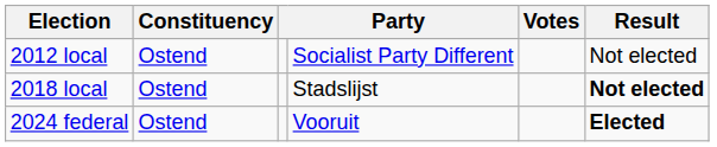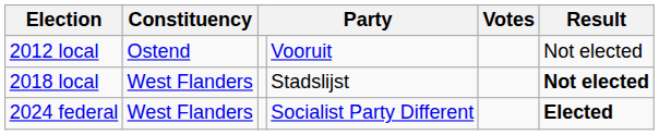 <table class="wikitable" style="text-align:left;">
 <tr>
 <th scope=col>Election</th>
 <th scope=col>Constituency</th>
 <th scope=col colspan="2">Party</th>
 <th scope=col>Votes</th>
 <th scope=col>Result</th>
 </tr>
 <tr>
 <td><a href='#'>2012 local</a></td>
 <td><a href='#'>Ostend</a></td>
 <td style="background:"></td>
-<td><a href='#'>Socialist Party Different</a></td>
+<td><a href='#'>Vooruit</a></td>
 <td align=right></td>
 <td>Not elected</td>
 </tr>
 <tr>
 <td><a href='#'>2018 local</a></td>
-<td><a href='#'>Ostend</a></td>
+<td><a href='#'>West Flanders</a></td>
 <td></td>
 <td>Stadslijst</td>
 <td align=right></td>
 <td><strong>Not elected</strong></td>
 </tr>
 <tr>
 <td><a href='#'>2024 federal</a></td>
-<td><a href='#'>Ostend</a></td>
+<td><a href='#'>West Flanders</a></td>
 <td style="background:"></td>
-<td><a href='#'>Vooruit</a></td>
+<td><a href='#'>Socialist Party Different</a></td>
 <td align=right></td>
 <td><strong>Elected</strong></td>
 </tr>
 </table>
